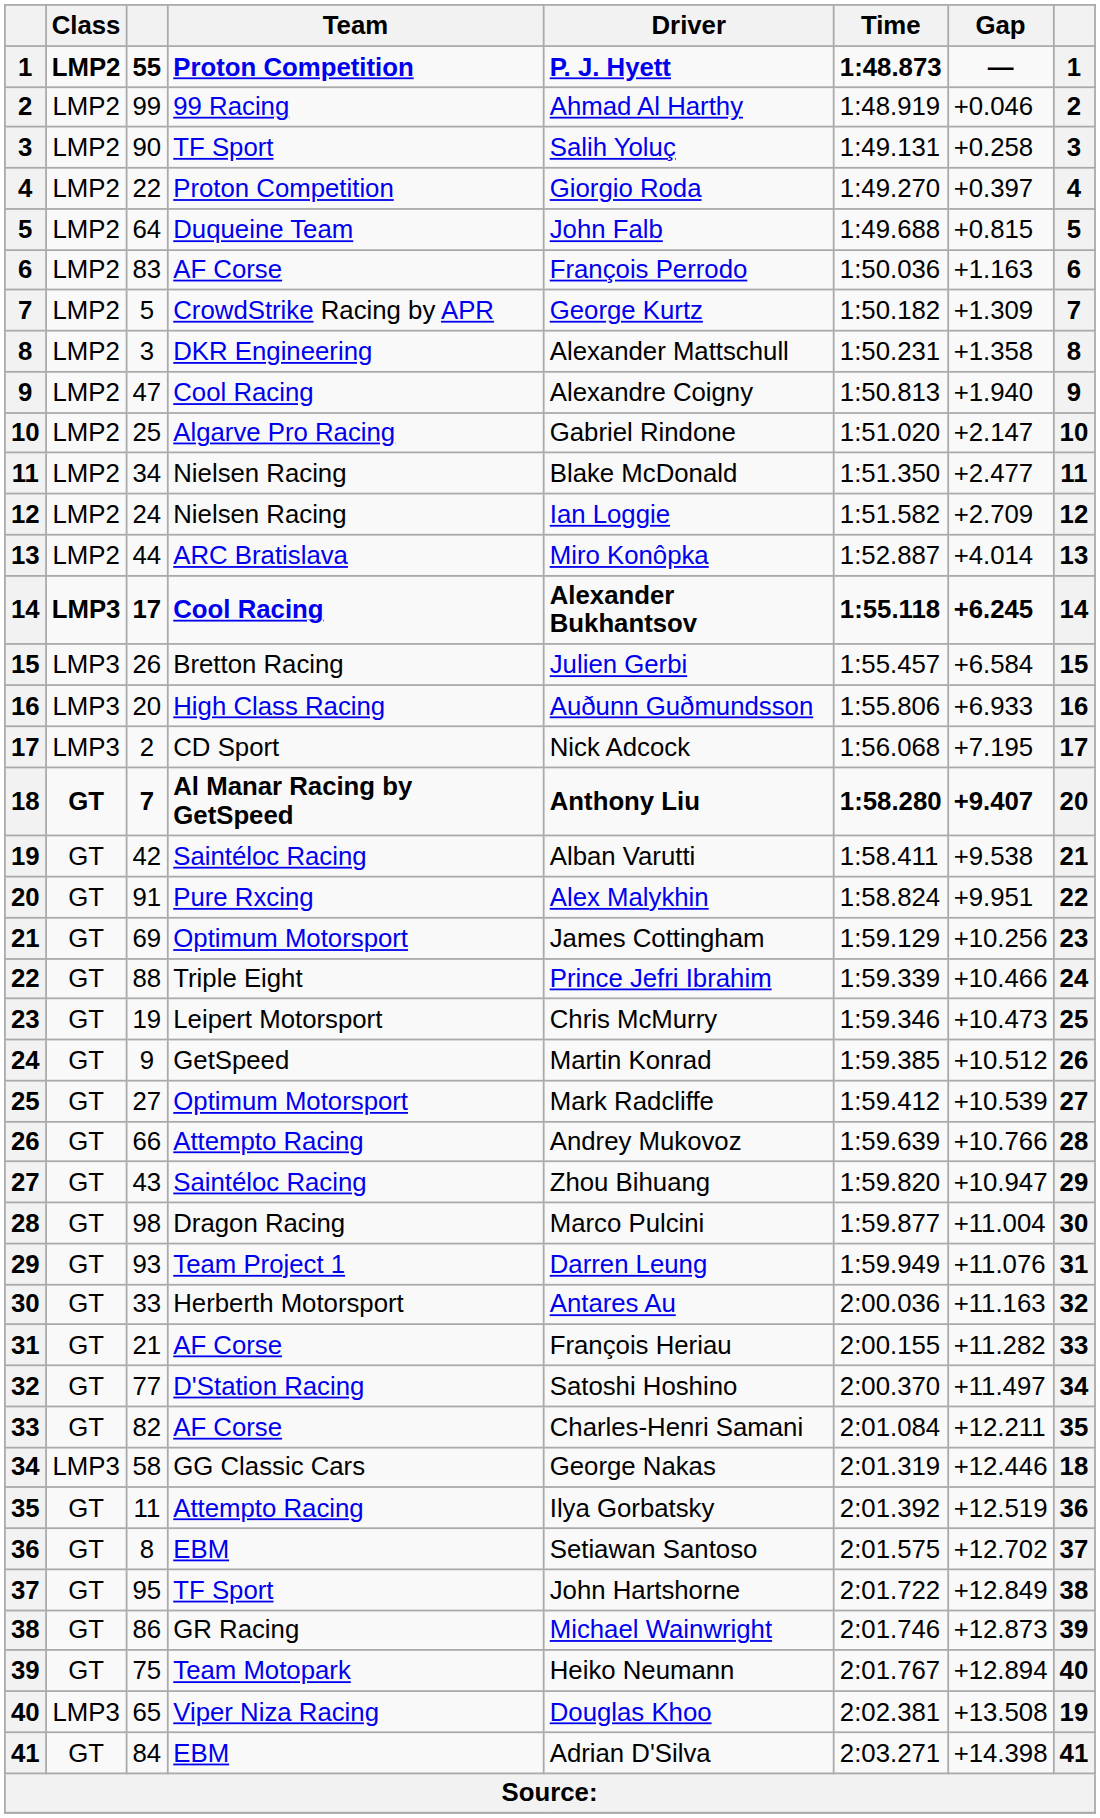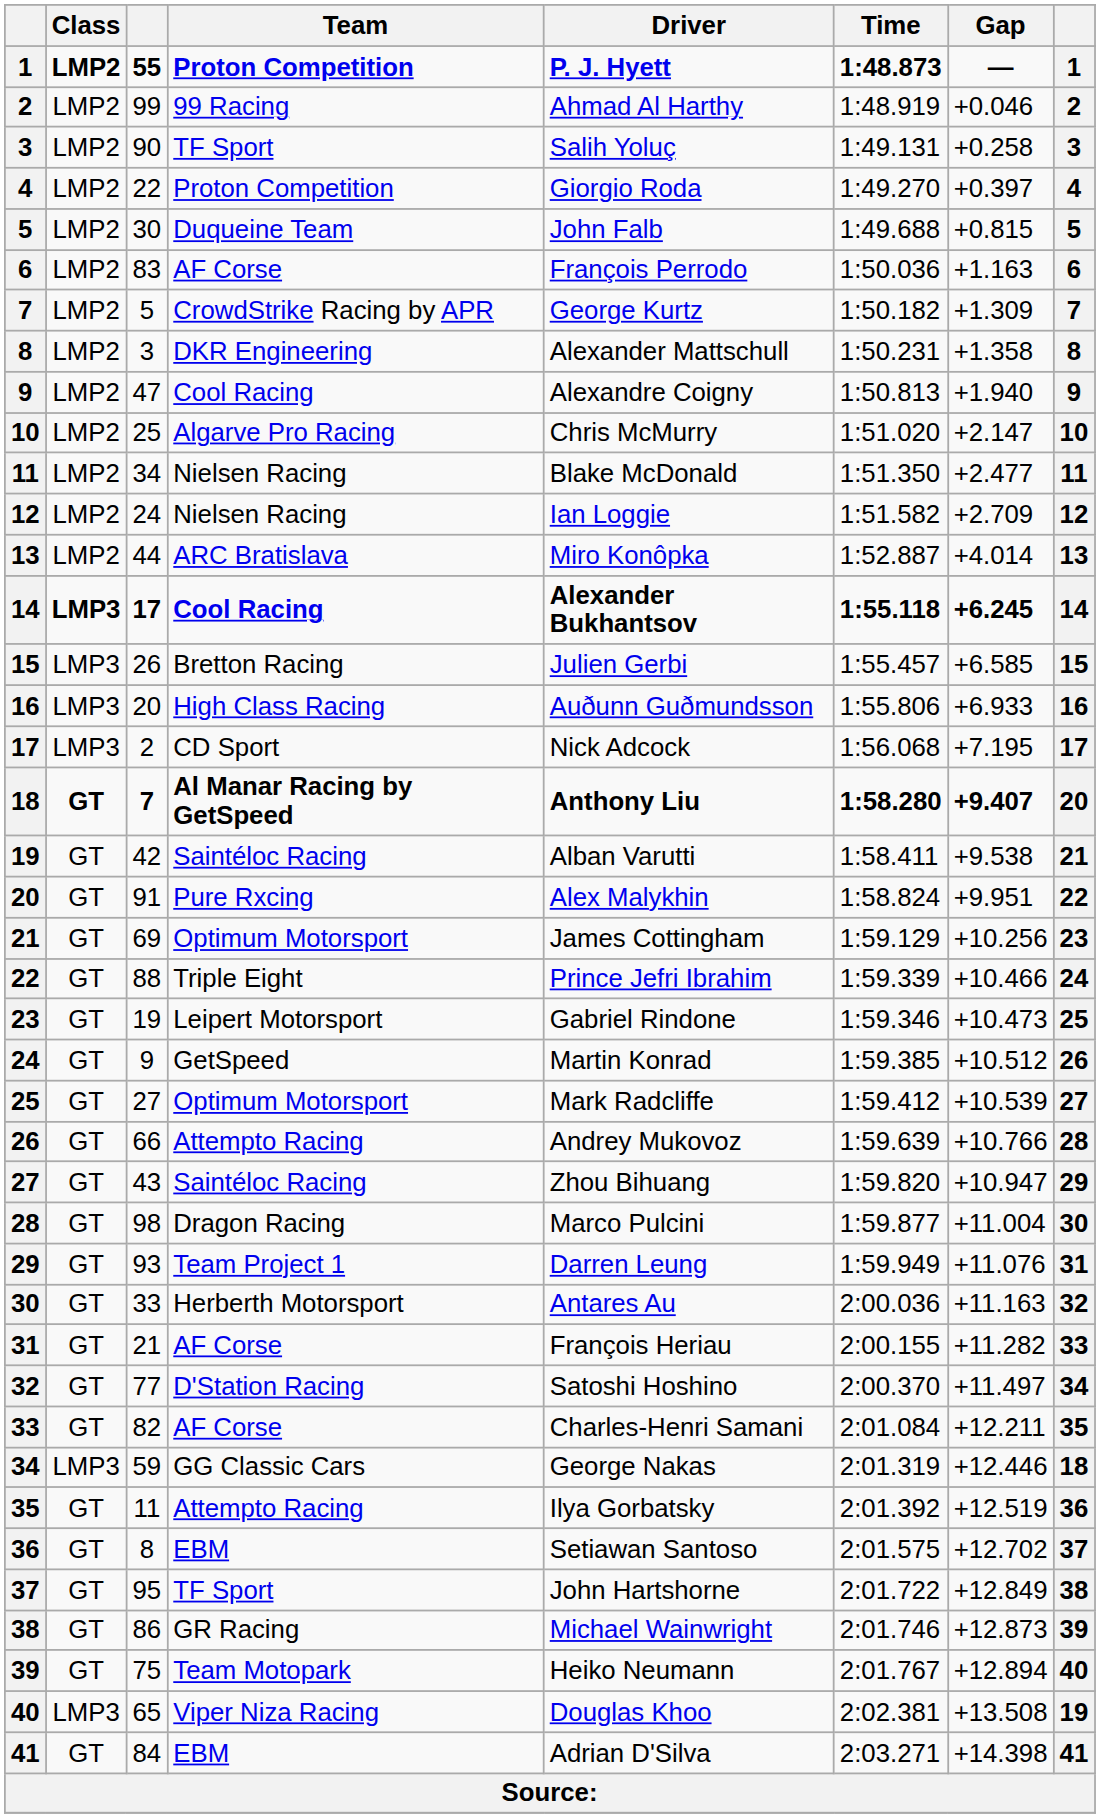 <table class="wikitable sortable" style="font-size: 90%;">
 <tr>
 <th></th>
 <th class="unsortable">Class</th>
 <th class="unsortable"></th>
 <th class="unsortable">Team</th>
 <th class="unsortable">Driver</th>
 <th class="unsortable">Time</th>
 <th class="unsortable">Gap</th>
 <th></th>
 </tr>
 <tr style="font-weight: bold;">
 <th>1</th>
 <td align="center">LMP2</td>
 <td align="center">55</td>
 <td> <a href='#'>Proton Competition</a></td>
 <td> <a href='#'>P. J. Hyett</a></td>
 <td>1:48.873</td>
 <td align="center">—</td>
 <th>1</th>
 </tr>
 <tr>
 <th>2</th>
 <td align="center">LMP2</td>
 <td align="center">99</td>
 <td> <a href='#'>99 Racing</a></td>
 <td> <a href='#'>Ahmad Al Harthy</a></td>
 <td>1:48.919</td>
 <td>+0.046</td>
 <th>2</th>
 </tr>
 <tr>
 <th>3</th>
 <td align="center">LMP2</td>
 <td align="center">90</td>
 <td> <a href='#'>TF Sport</a></td>
 <td> <a href='#'>Salih Yoluç</a></td>
 <td>1:49.131</td>
 <td>+0.258</td>
 <th>3</th>
 </tr>
 <tr>
 <th>4</th>
 <td align="center">LMP2</td>
 <td align="center">22</td>
 <td> <a href='#'>Proton Competition</a></td>
 <td> <a href='#'>Giorgio Roda</a></td>
 <td>1:49.270</td>
 <td>+0.397</td>
 <th>4</th>
 </tr>
 <tr>
 <th>5</th>
 <td align="center">LMP2</td>
-<td align="center">64</td>
+<td align="center">30</td>
 <td> <a href='#'>Duqueine Team</a></td>
 <td> <a href='#'>John Falb</a></td>
 <td>1:49.688</td>
 <td>+0.815</td>
 <th>5</th>
 </tr>
 <tr>
 <th>6</th>
 <td align="center">LMP2</td>
 <td align="center">83</td>
 <td> <a href='#'>AF Corse</a></td>
 <td> <a href='#'>François Perrodo</a></td>
 <td>1:50.036</td>
 <td>+1.163</td>
 <th>6</th>
 </tr>
 <tr>
 <th>7</th>
 <td align="center">LMP2</td>
 <td align="center">5</td>
 <td> <a href='#'>CrowdStrike</a> Racing by <a href='#'>APR</a></td>
 <td> <a href='#'>George Kurtz</a></td>
 <td>1:50.182</td>
 <td>+1.309</td>
 <th>7</th>
 </tr>
 <tr>
 <th>8</th>
 <td align="center">LMP2</td>
 <td align="center">3</td>
 <td> <a href='#'>DKR Engineering</a></td>
 <td> Alexander Mattschull</td>
 <td>1:50.231</td>
 <td>+1.358</td>
 <th>8</th>
 </tr>
 <tr>
 <th>9</th>
 <td align="center">LMP2</td>
 <td align="center">47</td>
 <td> <a href='#'>Cool Racing</a></td>
 <td> Alexandre Coigny</td>
 <td>1:50.813</td>
 <td>+1.940</td>
 <th>9</th>
 </tr>
 <tr>
 <th>10</th>
 <td align="center">LMP2</td>
 <td align="center">25</td>
 <td> <a href='#'>Algarve Pro Racing</a></td>
-<td> Gabriel Rindone</td>
+<td> Chris McMurry</td>
 <td>1:51.020</td>
 <td>+2.147</td>
 <th>10</th>
 </tr>
 <tr>
 <th>11</th>
 <td align="center">LMP2</td>
 <td align="center">34</td>
 <td> Nielsen Racing</td>
 <td> Blake McDonald</td>
 <td>1:51.350</td>
 <td>+2.477</td>
 <th>11</th>
 </tr>
 <tr>
 <th>12</th>
 <td align="center">LMP2</td>
 <td align="center">24</td>
 <td> Nielsen Racing</td>
 <td> <a href='#'>Ian Loggie</a></td>
 <td>1:51.582</td>
 <td>+2.709</td>
 <th>12</th>
 </tr>
 <tr>
 <th>13</th>
 <td align="center">LMP2</td>
 <td align="center">44</td>
 <td> <a href='#'>ARC Bratislava</a></td>
 <td> <a href='#'>Miro Konôpka</a></td>
 <td>1:52.887</td>
 <td>+4.014</td>
 <th>13</th>
 </tr>
 <tr style="font-weight: bold;">
 <th>14</th>
 <td align="center">LMP3</td>
 <td align="center">17</td>
 <td> <a href='#'>Cool Racing</a></td>
 <td> Alexander Bukhantsov</td>
 <td>1:55.118</td>
 <td>+6.245</td>
 <th>14</th>
 </tr>
 <tr>
 <th>15</th>
 <td align="center">LMP3</td>
 <td align="center">26</td>
 <td> Bretton Racing</td>
 <td> <a href='#'>Julien Gerbi</a></td>
 <td>1:55.457</td>
-<td>+6.584</td>
+<td>+6.585</td>
 <th>15</th>
 </tr>
 <tr>
 <th>16</th>
 <td align="center">LMP3</td>
 <td align="center">20</td>
 <td> <a href='#'>High Class Racing</a></td>
 <td> <a href='#'>Auðunn Guðmundsson</a></td>
 <td>1:55.806</td>
 <td>+6.933</td>
 <th>16</th>
 </tr>
 <tr>
 <th>17</th>
 <td align="center">LMP3</td>
 <td align="center">2</td>
 <td> CD Sport</td>
 <td> Nick Adcock</td>
 <td>1:56.068</td>
 <td>+7.195</td>
 <th>17</th>
 </tr>
 <tr style="font-weight: bold;">
 <th>18</th>
 <td align="center">GT</td>
 <td align="center">7</td>
 <td> Al Manar Racing by GetSpeed</td>
 <td> Anthony Liu</td>
 <td>1:58.280</td>
 <td>+9.407</td>
 <th>20</th>
 </tr>
 <tr>
 <th>19</th>
 <td align="center">GT</td>
 <td align="center">42</td>
 <td> <a href='#'>Saintéloc Racing</a></td>
 <td> Alban Varutti</td>
 <td>1:58.411</td>
 <td>+9.538</td>
 <th>21</th>
 </tr>
 <tr>
 <th>20</th>
 <td align="center">GT</td>
 <td align="center">91</td>
 <td> <a href='#'>Pure Rxcing</a></td>
 <td> <a href='#'>Alex Malykhin</a></td>
 <td>1:58.824</td>
 <td>+9.951</td>
 <th>22</th>
 </tr>
 <tr>
 <th>21</th>
 <td align="center">GT</td>
 <td align="center">69</td>
 <td> <a href='#'>Optimum Motorsport</a></td>
 <td><a href='#'></a> James Cottingham</td>
 <td>1:59.129</td>
 <td>+10.256</td>
 <th>23</th>
 </tr>
 <tr>
 <th>22</th>
 <td align="center">GT</td>
 <td align="center">88</td>
 <td> Triple Eight</td>
 <td> <a href='#'>Prince Jefri Ibrahim</a></td>
 <td>1:59.339</td>
 <td>+10.466</td>
 <th>24</th>
 </tr>
 <tr>
 <th>23</th>
 <td align="center">GT</td>
 <td align="center">19</td>
 <td> Leipert Motorsport</td>
-<td> Chris McMurry</td>
+<td> Gabriel Rindone</td>
 <td>1:59.346</td>
 <td>+10.473</td>
 <th>25</th>
 </tr>
 <tr>
 <th>24</th>
 <td align="center">GT</td>
 <td align="center">9</td>
 <td> GetSpeed</td>
 <td> Martin Konrad</td>
 <td>1:59.385</td>
 <td>+10.512</td>
 <th>26</th>
 </tr>
 <tr>
 <th>25</th>
 <td align="center">GT</td>
 <td align="center">27</td>
 <td> <a href='#'>Optimum Motorsport</a></td>
 <td> Mark Radcliffe</td>
 <td>1:59.412</td>
 <td>+10.539</td>
 <th>27</th>
 </tr>
 <tr>
 <th>26</th>
 <td align="center">GT</td>
 <td align="center">66</td>
 <td> <a href='#'>Attempto Racing</a></td>
 <td> Andrey Mukovoz</td>
 <td>1:59.639</td>
 <td>+10.766</td>
 <th>28</th>
 </tr>
 <tr>
 <th>27</th>
 <td align="center">GT</td>
 <td align="center">43</td>
 <td> <a href='#'>Saintéloc Racing</a></td>
 <td> Zhou Bihuang</td>
 <td>1:59.820</td>
 <td>+10.947</td>
 <th>29</th>
 </tr>
 <tr>
 <th>28</th>
 <td align="center">GT</td>
 <td align="center">98</td>
 <td> Dragon Racing</td>
 <td> Marco Pulcini</td>
 <td>1:59.877</td>
 <td>+11.004</td>
 <th>30</th>
 </tr>
 <tr>
 <th>29</th>
 <td align="center">GT</td>
 <td align="center">93</td>
 <td> <a href='#'>Team Project 1</a></td>
 <td> <a href='#'>Darren Leung</a></td>
 <td>1:59.949</td>
 <td>+11.076</td>
 <th>31</th>
 </tr>
 <tr>
 <th>30</th>
 <td align="center">GT</td>
 <td align="center">33</td>
 <td> Herberth Motorsport</td>
 <td> <a href='#'>Antares Au</a></td>
 <td>2:00.036</td>
 <td>+11.163</td>
 <th>32</th>
 </tr>
 <tr>
 <th>31</th>
 <td align="center">GT</td>
 <td align="center">21</td>
 <td> <a href='#'>AF Corse</a></td>
 <td> François Heriau</td>
 <td>2:00.155</td>
 <td>+11.282</td>
 <th>33</th>
 </tr>
 <tr>
 <th>32</th>
 <td align="center">GT</td>
 <td align="center">77</td>
 <td> <a href='#'>D'Station Racing</a></td>
 <td> Satoshi Hoshino</td>
 <td>2:00.370</td>
 <td>+11.497</td>
 <th>34</th>
 </tr>
 <tr>
 <th>33</th>
 <td align="center">GT</td>
 <td align="center">82</td>
 <td> <a href='#'>AF Corse</a></td>
 <td> Charles-Henri Samani</td>
 <td>2:01.084</td>
 <td>+12.211</td>
 <th>35</th>
 </tr>
 <tr>
 <th>34</th>
 <td align="center">LMP3</td>
-<td align="center">58</td>
+<td align="center">59</td>
 <td> GG Classic Cars</td>
 <td> George Nakas</td>
 <td>2:01.319</td>
 <td>+12.446</td>
 <th>18</th>
 </tr>
 <tr>
 <th>35</th>
 <td align="center">GT</td>
 <td align="center">11</td>
 <td> <a href='#'>Attempto Racing</a></td>
 <td> Ilya Gorbatsky</td>
 <td>2:01.392</td>
 <td>+12.519</td>
 <th>36</th>
 </tr>
 <tr>
 <th>36</th>
 <td align="center">GT</td>
 <td align="center">8</td>
 <td> <a href='#'>EBM</a></td>
 <td> Setiawan Santoso</td>
 <td>2:01.575</td>
 <td>+12.702</td>
 <th>37</th>
 </tr>
 <tr>
 <th>37</th>
 <td align="center">GT</td>
 <td align="center">95</td>
 <td> <a href='#'>TF Sport</a></td>
 <td> John Hartshorne</td>
 <td>2:01.722</td>
 <td>+12.849</td>
 <th>38</th>
 </tr>
 <tr>
 <th>38</th>
 <td align="center">GT</td>
 <td align="center">86</td>
 <td> GR Racing</td>
 <td> <a href='#'>Michael Wainwright</a></td>
 <td>2:01.746</td>
 <td>+12.873</td>
 <th>39</th>
 </tr>
 <tr>
 <th>39</th>
 <td align="center">GT</td>
 <td align="center">75</td>
 <td> <a href='#'>Team Motopark</a></td>
 <td> Heiko Neumann</td>
 <td>2:01.767</td>
 <td>+12.894</td>
 <th>40</th>
 </tr>
 <tr>
 <th>40</th>
 <td align="center">LMP3</td>
 <td align="center">65</td>
 <td> <a href='#'>Viper Niza Racing</a></td>
 <td> <a href='#'>Douglas Khoo</a></td>
 <td>2:02.381</td>
 <td>+13.508</td>
 <th>19</th>
 </tr>
 <tr>
 <th>41</th>
 <td align="center">GT</td>
 <td align="center">84</td>
 <td> <a href='#'>EBM</a></td>
 <td> Adrian D'Silva</td>
 <td>2:03.271</td>
 <td>+14.398</td>
 <th>41</th>
 </tr>
 <tr>
 <th colspan="8">Source:</th>
 </tr>
 <tr>
 </tr>
 </table>
